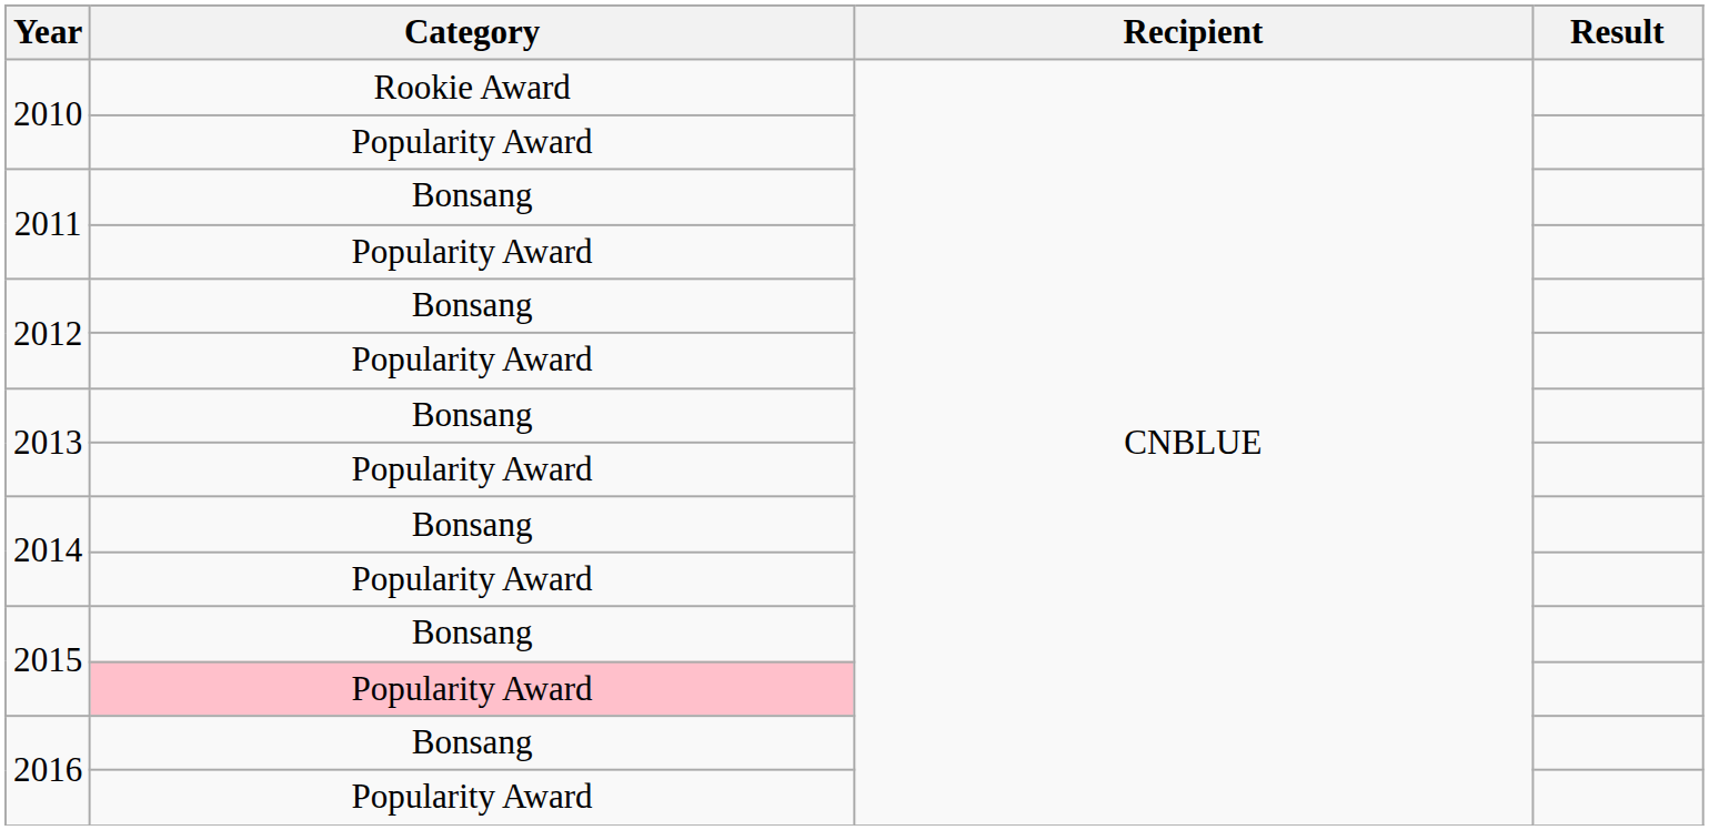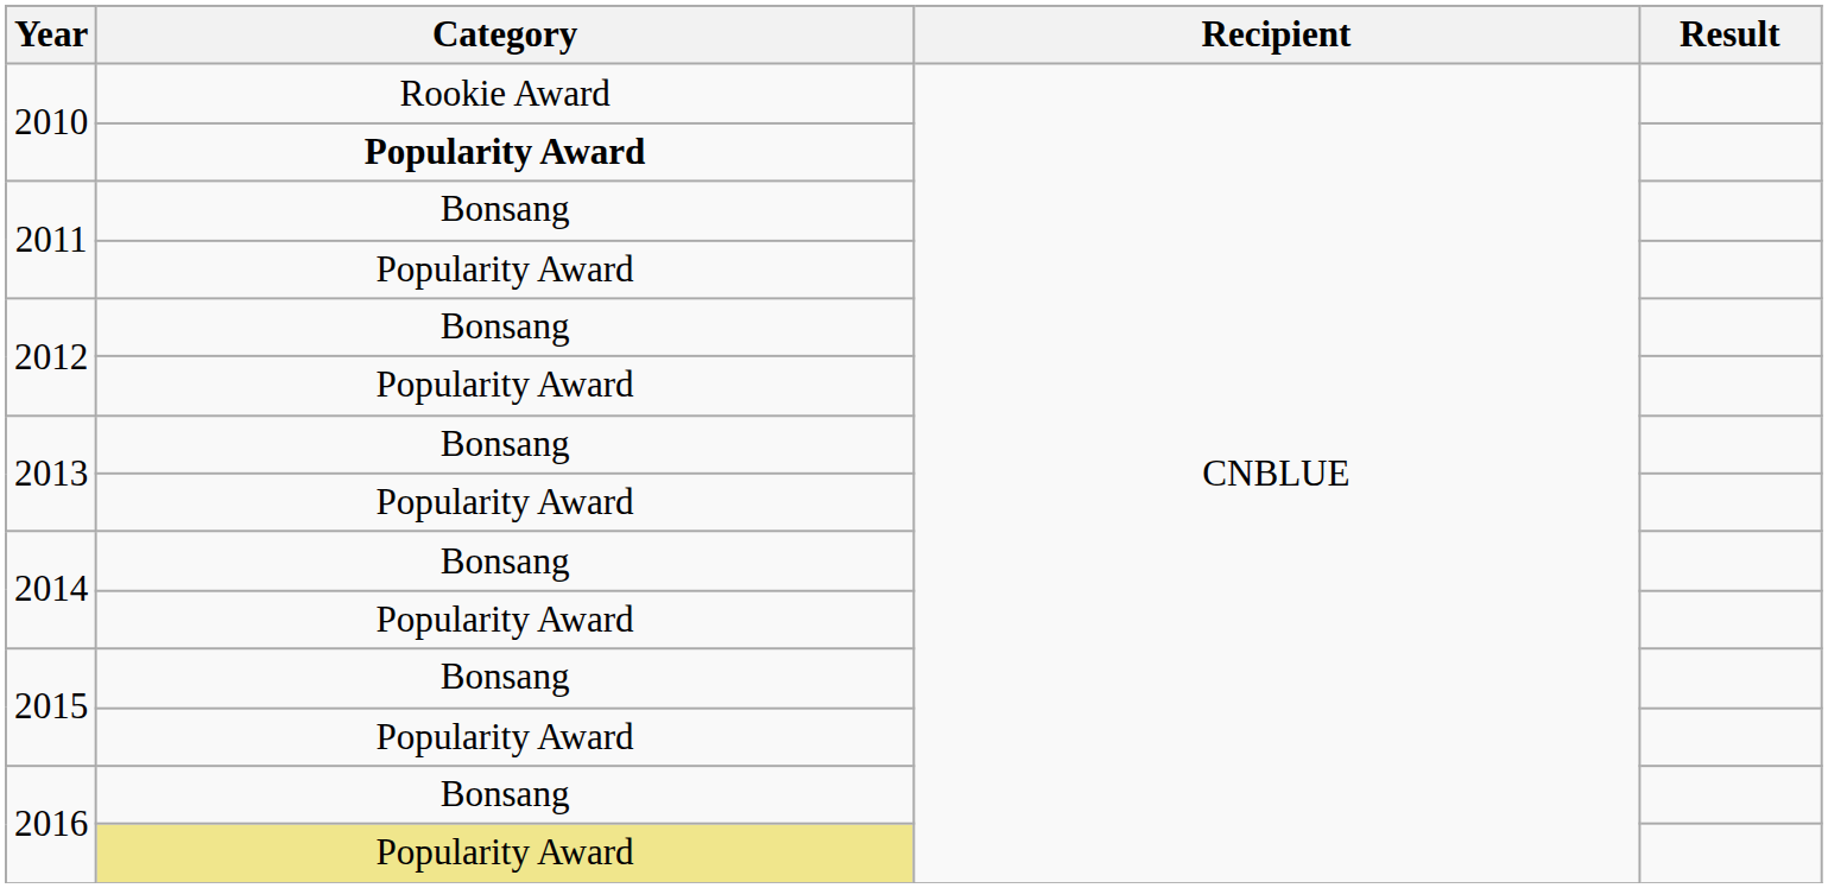 <table class="wikitable" style="text-align:center">
 <tr>
 <th width="5%">Year</th>
 <th width="45%">Category</th>
 <th width="40%">Recipient</th>
 <th width="10%">Result</th>
 </tr>
 <tr>
 <td rowspan="2">2010</td>
 <td>Rookie Award</td>
 <td rowspan="14">CNBLUE</td>
 <td></td>
 </tr>
 <tr>
-<td>Popularity Award</td>
+<td><strong>Popularity Award</strong></td>
 <td></td>
 </tr>
 <tr>
 <td rowspan="2">2011</td>
 <td>Bonsang</td>
 <td></td>
 </tr>
 <tr>
 <td>Popularity Award</td>
 <td></td>
 </tr>
 <tr>
 <td rowspan="2">2012</td>
 <td>Bonsang</td>
 <td></td>
 </tr>
 <tr>
 <td>Popularity Award</td>
 <td></td>
 </tr>
 <tr>
 <td rowspan="2">2013</td>
 <td>Bonsang</td>
 <td></td>
 </tr>
 <tr>
 <td>Popularity Award</td>
 <td></td>
 </tr>
 <tr>
 <td rowspan="2">2014</td>
 <td>Bonsang</td>
 <td></td>
 </tr>
 <tr>
 <td>Popularity Award</td>
 <td></td>
 </tr>
 <tr>
 <td rowspan="2">2015</td>
 <td>Bonsang</td>
 <td></td>
 </tr>
 <tr>
-<td style="background: pink;">Popularity Award</td>
+<td>Popularity Award</td>
 <td></td>
 </tr>
 <tr>
 <td rowspan="2">2016</td>
 <td>Bonsang</td>
 <td></td>
 </tr>
 <tr>
-<td>Popularity Award</td>
+<td style="background: khaki;">Popularity Award</td>
 <td></td>
 </tr>
 </table>
